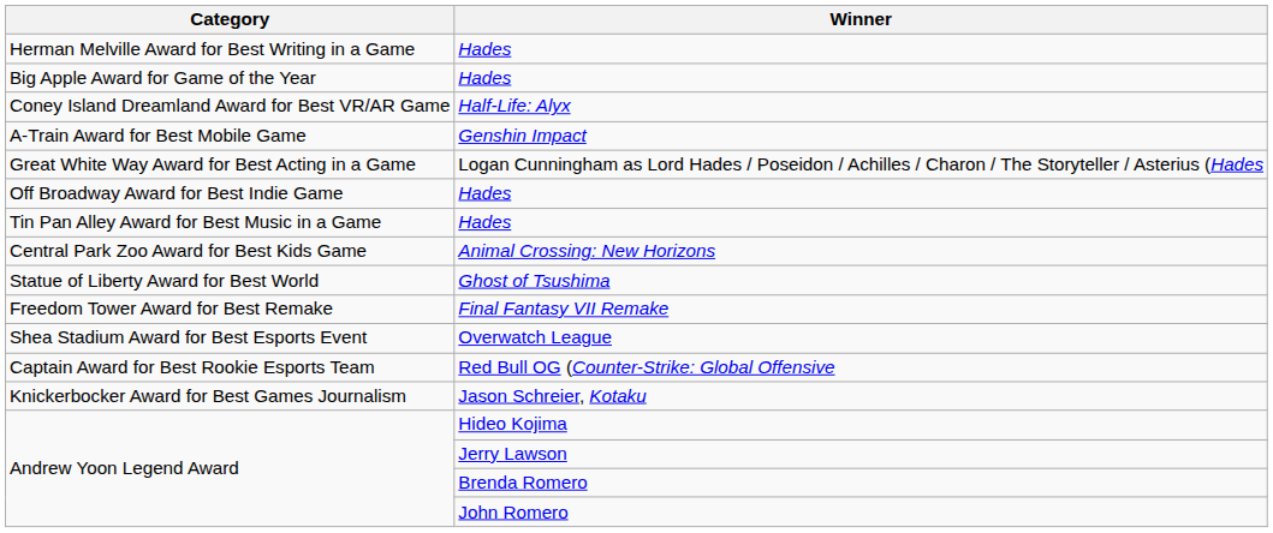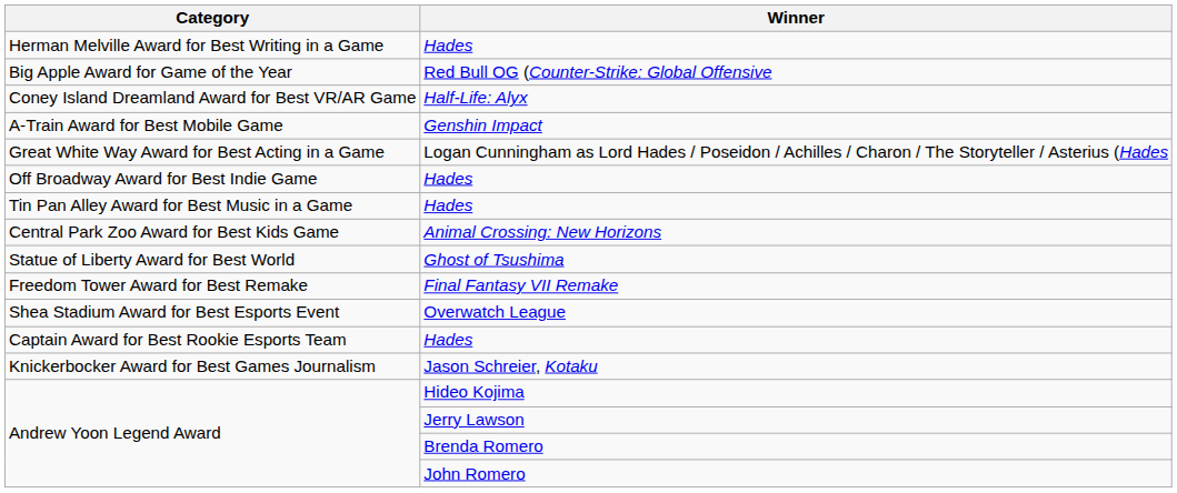 <table class="wikitable sortable plainrowheaders" border="none" style="margin:0">
 <tr valign="bottom">
 <th scope="col">Category</th>
 <th scope="col">Winner</th>
 </tr>
 <tr>
 <td>Herman Melville Award for Best Writing in a Game</td>
 <td><em><a href='#'>Hades</a></em></td>
 </tr>
 <tr>
 <td>Big Apple Award for Game of the Year</td>
-<td><em><a href='#'>Hades</a></em></td>
+<td><a href='#'>Red Bull OG</a> (<em><a href='#'>Counter-Strike: Global Offensive</a></em></td>
 </tr>
 <tr>
 <td>Coney Island Dreamland Award for Best VR/AR Game</td>
 <td><em><a href='#'>Half-Life: Alyx</a></em></td>
 </tr>
 <tr>
 <td>A-Train Award for Best Mobile Game</td>
 <td><em><a href='#'>Genshin Impact</a></em></td>
 </tr>
 <tr>
 <td>Great White Way Award for Best Acting in a Game</td>
 <td>Logan Cunningham as Lord Hades / Poseidon / Achilles / Charon / The Storyteller / Asterius (<em><a href='#'>Hades</a></em></td>
 </tr>
 <tr>
 <td>Off Broadway Award for Best Indie Game</td>
 <td><em><a href='#'>Hades</a></em></td>
 </tr>
 <tr>
 <td>Tin Pan Alley Award for Best Music in a Game</td>
 <td><em><a href='#'>Hades</a></em></td>
 </tr>
 <tr>
 <td>Central Park Zoo Award for Best Kids Game</td>
 <td><em><a href='#'>Animal Crossing: New Horizons</a></em></td>
 </tr>
 <tr>
 <td>Statue of Liberty Award for Best World</td>
 <td><em><a href='#'>Ghost of Tsushima</a></em></td>
 </tr>
 <tr>
 <td>Freedom Tower Award for Best Remake</td>
 <td><em><a href='#'>Final Fantasy VII Remake</a></em></td>
 </tr>
 <tr>
 <td>Shea Stadium Award for Best Esports Event</td>
 <td><a href='#'>Overwatch League</a></td>
 </tr>
 <tr>
 <td>Captain Award for Best Rookie Esports Team</td>
-<td><a href='#'>Red Bull OG</a> (<em><a href='#'>Counter-Strike: Global Offensive</a></em></td>
+<td><em><a href='#'>Hades</a></em></td>
 </tr>
 <tr>
 <td>Knickerbocker Award for Best Games Journalism</td>
 <td><a href='#'>Jason Schreier</a>, <em><a href='#'>Kotaku</a></em></td>
 </tr>
 <tr>
 <td rowspan="4">Andrew Yoon Legend Award</td>
 <td><a href='#'>Hideo Kojima</a></td>
 </tr>
 <tr>
 <td><a href='#'>Jerry Lawson</a></td>
 </tr>
 <tr>
 <td><a href='#'>Brenda Romero</a></td>
 </tr>
 <tr>
 <td><a href='#'>John Romero</a></td>
 </tr>
 </table>
